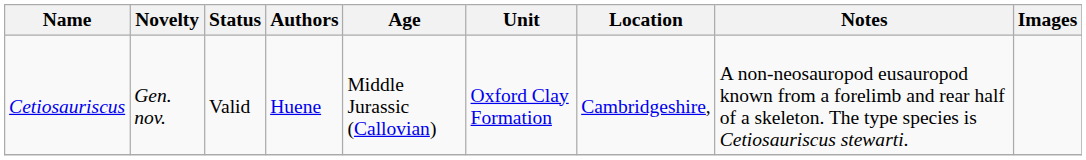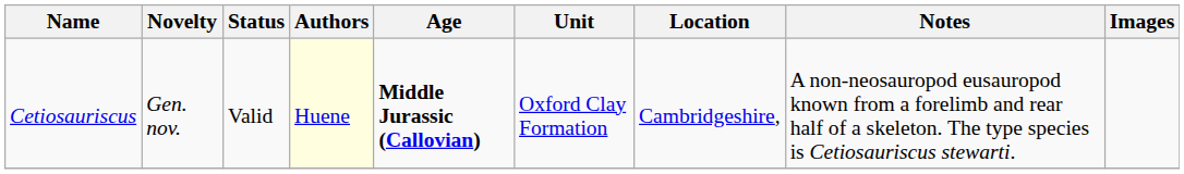 <table class="wikitable sortable" align="center" width="100%">
 <tr>
 <th>Name</th>
 <th>Novelty</th>
 <th>Status</th>
 <th>Authors</th>
 <th>Age</th>
 <th>Unit</th>
 <th>Location</th>
 <th>Notes</th>
 <th>Images</th>
 </tr>
 <tr>
 <td><br><em><a href='#'>Cetiosauriscus</a></em></td>
 <td><br><em>Gen. nov.</em></td>
 <td><br>Valid</td>
-<td><br><a href='#'>Huene</a></td>
-<td><br>Middle Jurassic (<a href='#'>Callovian</a>)</td>
+<td style="background: lightyellow;"><br><a href='#'>Huene</a></td>
+<td><strong><br>Middle Jurassic (<a href='#'>Callovian</a>)</strong></td>
 <td><br><a href='#'>Oxford Clay Formation</a></td>
 <td><br><a href='#'>Cambridgeshire</a>,<br></td>
 <td><br>A non-neosauropod eusauropod known from a forelimb and rear half of a skeleton. The type species is <em>Cetiosauriscus stewarti</em>.</td>
 <td><br></td>
 </tr>
 <tr>
 </tr>
 </table>
